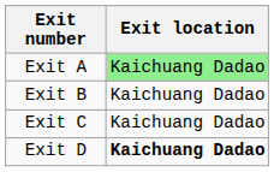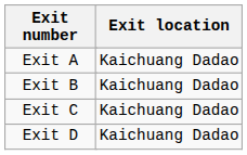 <table class="wikitable">
 <tr>
 <th style="width:70px" colspan="2">Exit number</th>
 <th>Exit location</th>
 </tr>
 <tr>
 <td align="center" colspan="2">Exit A</td>
-<td style="background: lightgreen;">Kaichuang Dadao</td>
+<td>Kaichuang Dadao</td>
 </tr>
 <tr>
 <td align="center" colspan="2">Exit B</td>
 <td>Kaichuang Dadao</td>
 </tr>
 <tr>
 <td align="center" colspan="2">Exit C</td>
 <td>Kaichuang Dadao</td>
 </tr>
 <tr>
 <td align="center" colspan="2">Exit D</td>
-<td><strong>Kaichuang Dadao</strong></td>
+<td>Kaichuang Dadao</td>
 </tr>
 </table>
